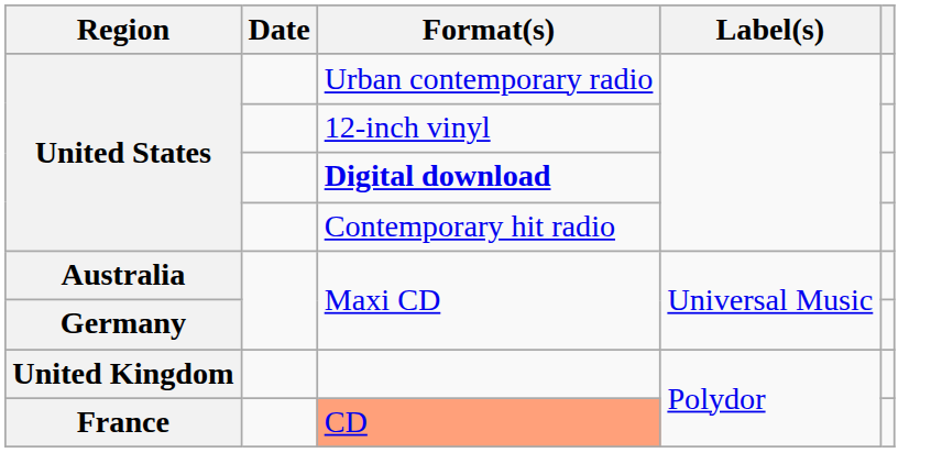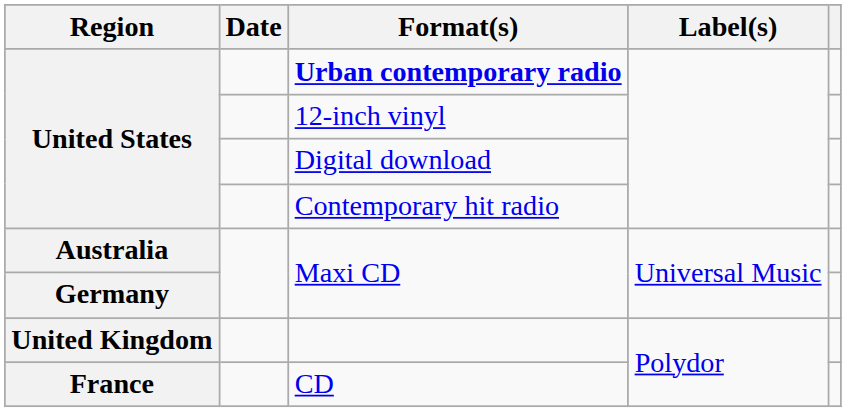 <table class="wikitable sortable plainrowheaders">
 <tr>
 <th scope="col">Region</th>
 <th scope="col">Date</th>
 <th scope="col">Format(s)</th>
 <th scope="col">Label(s)</th>
 <th scope="col"></th>
 </tr>
 <tr>
 <th scope="row" rowspan="4">United States</th>
 <td></td>
-<td><a href='#'>Urban contemporary radio</a></td>
+<td><strong><a href='#'>Urban contemporary radio</a></strong></td>
 <td rowspan="4"></td>
 <td></td>
 </tr>
 <tr>
 <td></td>
 <td><a href='#'>12-inch vinyl</a></td>
 <td></td>
 </tr>
 <tr>
 <td></td>
-<td><strong><a href='#'>Digital download</a></strong></td>
+<td><a href='#'>Digital download</a></td>
 <td></td>
 </tr>
 <tr>
 <td></td>
 <td><a href='#'>Contemporary hit radio</a></td>
 <td></td>
 </tr>
 <tr>
 <th scope="row">Australia</th>
 <td rowspan="2"></td>
 <td rowspan="2"><a href='#'>Maxi CD</a></td>
 <td rowspan="2"><a href='#'>Universal Music</a></td>
 <td></td>
 </tr>
 <tr>
 <th scope="row">Germany</th>
 <td></td>
 </tr>
 <tr>
 <th scope="row">United Kingdom</th>
 <td></td>
 <td></td>
 <td rowspan="2"><a href='#'>Polydor</a></td>
 <td></td>
 </tr>
 <tr>
 <th scope="row">France</th>
 <td></td>
-<td style="background: lightsalmon;"><a href='#'>CD</a></td>
+<td><a href='#'>CD</a></td>
 <td></td>
 </tr>
 </table>
